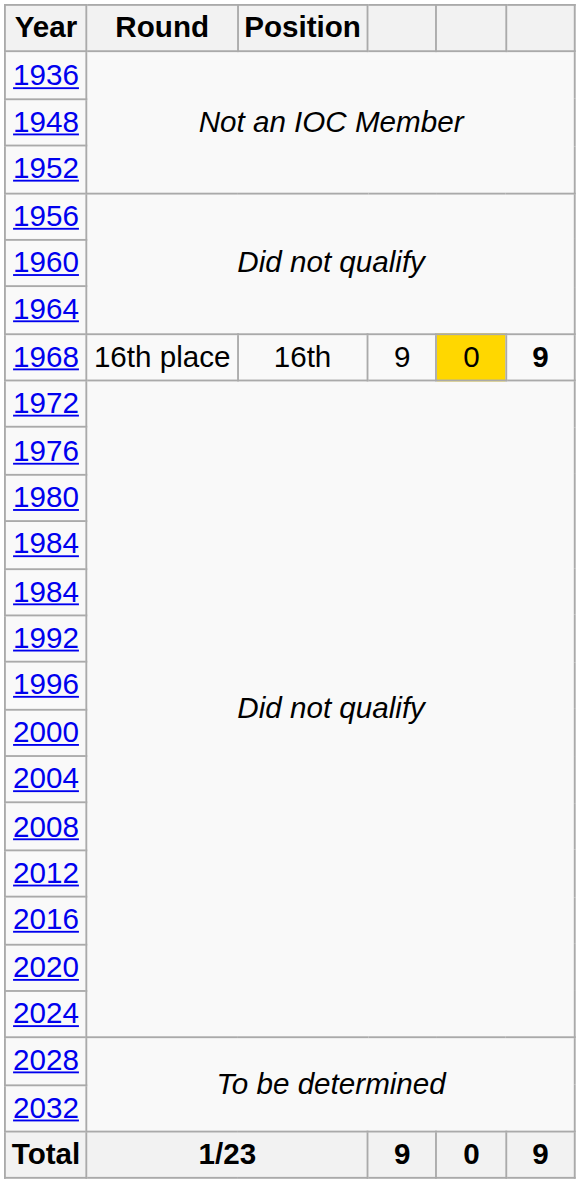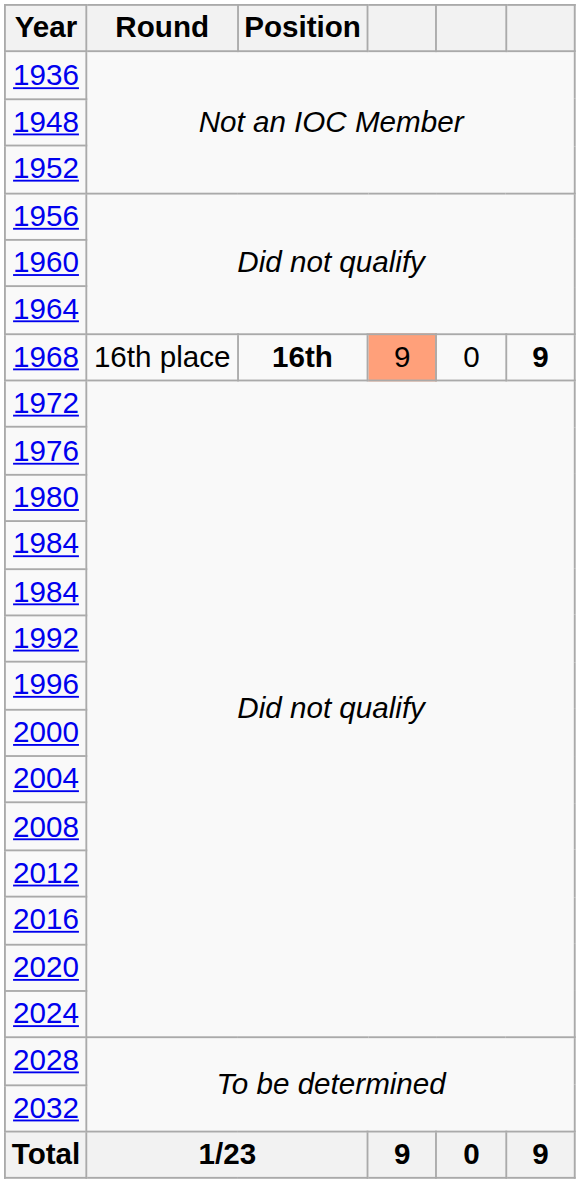 <table class="wikitable" style="text-align:center;">
 <tr>
 <th>Year</th>
 <th>Round</th>
 <th>Position</th>
 <th width=30></th>
 <th width=30></th>
 <th width=30></th>
 </tr>
 <tr>
 <td> <a href='#'>1936</a></td>
 <td rowspan=3 colspan=5><em>Not an IOC Member</em></td>
 </tr>
 <tr>
 <td> <a href='#'>1948</a></td>
 </tr>
 <tr>
 <td> <a href='#'>1952</a></td>
 </tr>
 <tr>
 <td> <a href='#'>1956</a></td>
 <td rowspan=3 colspan=5><em>Did not qualify</em></td>
 </tr>
 <tr>
 <td> <a href='#'>1960</a></td>
 </tr>
 <tr>
 <td> <a href='#'>1964</a></td>
 </tr>
 <tr>
 <td> <a href='#'>1968</a></td>
 <td>16th place</td>
-<td>16th</td>
-<td>9</td>
-<td style="background: gold;">0</td>
+<td><strong>16th</strong></td>
+<td style="background: lightsalmon;">9</td>
+<td>0</td>
 <td><strong>9</strong></td>
 </tr>
 <tr>
 <td> <a href='#'>1972</a></td>
 <td rowspan=14 colspan=5><em>Did not qualify</em></td>
 </tr>
 <tr>
 <td> <a href='#'>1976</a></td>
 </tr>
 <tr>
 <td> <a href='#'>1980</a></td>
 </tr>
 <tr>
 <td> <a href='#'>1984</a></td>
 </tr>
 <tr>
 <td> <a href='#'>1984</a></td>
 </tr>
 <tr>
 <td> <a href='#'>1992</a></td>
 </tr>
 <tr>
 <td> <a href='#'>1996</a></td>
 </tr>
 <tr>
 <td> <a href='#'>2000</a></td>
 </tr>
 <tr>
 <td> <a href='#'>2004</a></td>
 </tr>
 <tr>
 <td> <a href='#'>2008</a></td>
 </tr>
 <tr>
 <td> <a href='#'>2012</a></td>
 </tr>
 <tr>
 <td> <a href='#'>2016</a></td>
 </tr>
 <tr>
 <td> <a href='#'>2020</a></td>
 </tr>
 <tr>
 <td> <a href='#'>2024</a></td>
 </tr>
 <tr>
 <td> <a href='#'>2028</a></td>
 <td rowspan=2 colspan=5><em>To be determined</td>
 </tr>
 <tr>
 <td> <a href='#'>2032</a></td>
 </tr>
 <tr>
 <th>Total</th>
 <th colspan="2">1/23</th>
 <th>9</th>
 <th>0</th>
 <th>9</th>
 </tr>
 </table>
